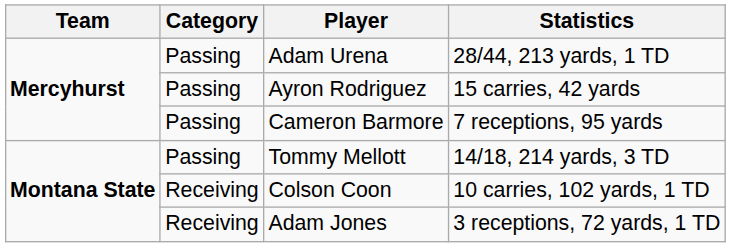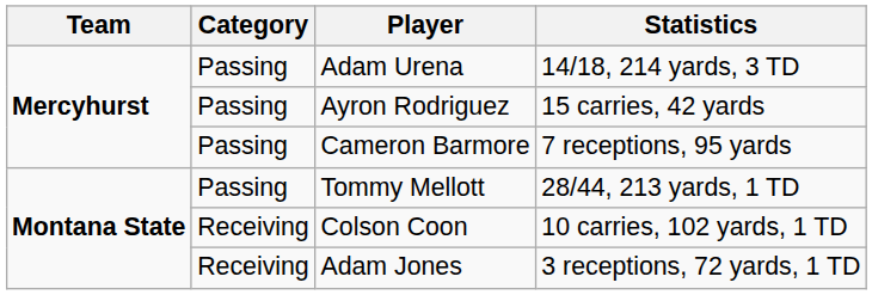 <table class="wikitable" style="float: right;">
 <tr>
 <th>Team</th>
 <th>Category</th>
 <th>Player</th>
 <th>Statistics</th>
 </tr>
 <tr>
 <td rowspan=3><strong>Mercyhurst</strong></td>
 <td>Passing</td>
 <td>Adam Urena</td>
-<td>28/44, 213 yards, 1 TD</td>
+<td>14/18, 214 yards, 3 TD</td>
 </tr>
 <tr>
 <td>Passing</td>
 <td>Ayron Rodriguez</td>
 <td>15 carries, 42 yards</td>
 </tr>
 <tr>
 <td>Passing</td>
 <td>Cameron Barmore</td>
 <td>7 receptions, 95 yards</td>
 </tr>
 <tr>
 <td rowspan=3><strong>Montana State</strong></td>
 <td>Passing</td>
 <td>Tommy Mellott</td>
-<td>14/18, 214 yards, 3 TD</td>
+<td>28/44, 213 yards, 1 TD</td>
 </tr>
 <tr>
 <td>Receiving</td>
 <td>Colson Coon</td>
 <td>10 carries, 102 yards, 1 TD</td>
 </tr>
 <tr>
 <td>Receiving</td>
 <td>Adam Jones</td>
 <td>3 receptions, 72 yards, 1 TD</td>
 </tr>
 </table>
